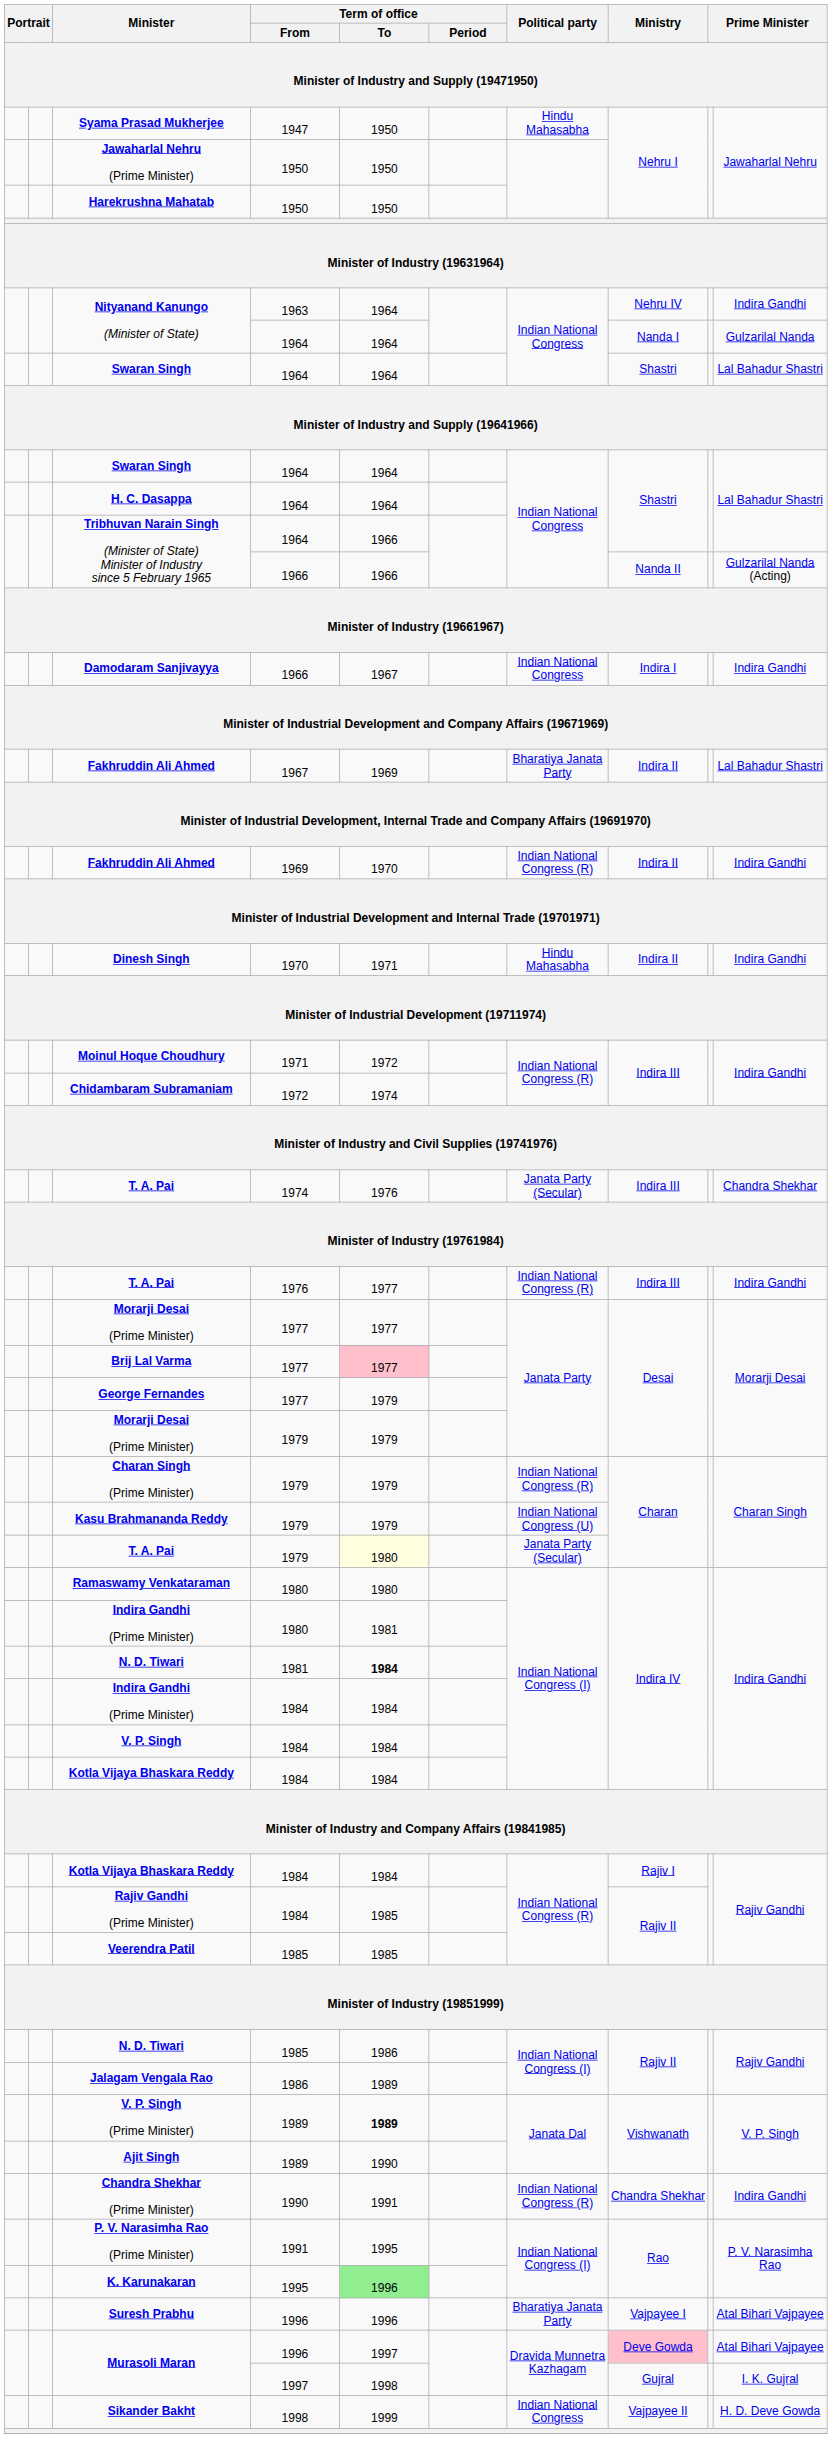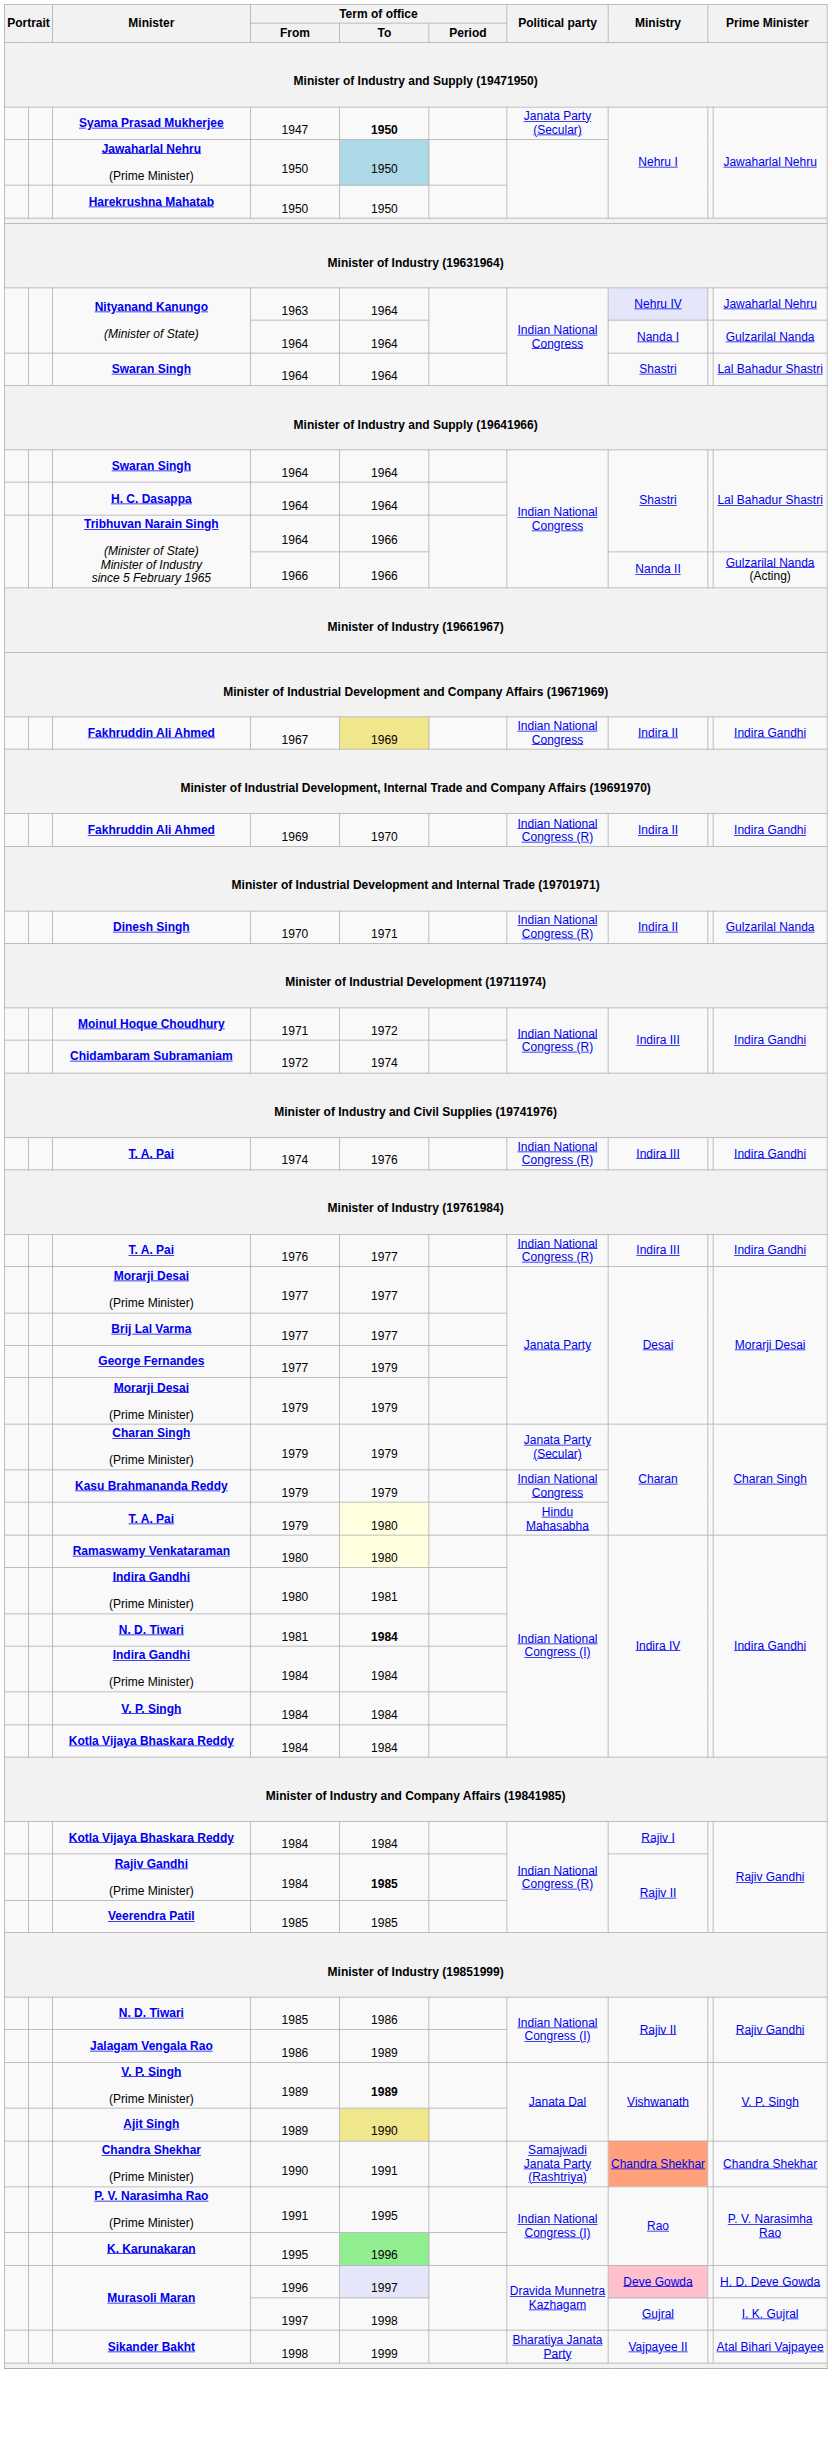 <table class="wikitable" style="text-align:center">
 <tr>
 <th rowspan="2" colspan="2">Portrait</th>
 <th rowspan="2" style="width:16em">Minister<br></th>
 <th colspan="3">Term of office</th>
 <th rowspan="2" style="width:8em">Political party</th>
 <th rowspan="2">Ministry</th>
 <th rowspan="2" colspan="2">Prime Minister</th>
 </tr>
 <tr>
 <th style="width:7em">From</th>
 <th style="width:7em">To</th>
 <th style="width:6em">Period</th>
 </tr>
 <tr>
 <th colspan="10"><br><h4>Minister of Industry and Supply (19471950)</h4></th>
 </tr>
 <tr>
 <td></td>
 <td></td>
 <td><strong><a href='#'>Syama Prasad Mukherjee</a></strong><br></td>
 <td><br>1947</td>
-<td><br>1950</td>
+<td><strong><br>1950</strong></td>
 <td><strong></strong></td>
-<td><a href='#'>Hindu Mahasabha</a></td>
+<td><a href='#'>Janata Party (Secular)</a></td>
 <td rowspan="3"><a href='#'>Nehru I</a></td>
 <td rowspan="3"></td>
 <td rowspan="3" style="width:9em"><a href='#'>Jawaharlal Nehru</a></td>
 </tr>
 <tr>
 <td></td>
 <td></td>
 <td><strong><a href='#'>Jawaharlal Nehru</a></strong><br><br>(Prime Minister)</td>
 <td><br>1950</td>
-<td><br>1950</td>
+<td style="background: lightblue;"><br>1950</td>
 <td><strong></strong></td>
 </tr>
 <tr>
 <td></td>
 <td></td>
 <td><strong><a href='#'>Harekrushna Mahatab</a></strong><br></td>
 <td><br>1950</td>
 <td><br>1950</td>
 <td><strong></strong></td>
 </tr>
 <tr>
 <th colspan="10"></th>
 </tr>
 <tr>
 <th colspan="10"><br><h4>Minister of Industry (19631964)</h4></th>
 </tr>
 <tr>
 <td rowspan="2"></td>
 <td rowspan="2"></td>
 <td rowspan="2"><strong><a href='#'>Nityanand Kanungo</a></strong><br><br><em>(Minister of State)</em></td>
 <td><br>1963</td>
 <td><br>1964</td>
 <td rowspan="2"><strong></strong></td>
 <td rowspan="3"><a href='#'>Indian National Congress</a></td>
-<td><a href='#'>Nehru IV</a></td>
+<td style="background: lavender;"><a href='#'>Nehru IV</a></td>
 <td></td>
-<td><a href='#'>Indira Gandhi</a></td>
+<td><a href='#'>Jawaharlal Nehru</a></td>
 </tr>
 <tr>
 <td><br>1964</td>
 <td><br>1964</td>
 <td><a href='#'>Nanda I</a></td>
 <td></td>
 <td><a href='#'>Gulzarilal Nanda</a><br></td>
 </tr>
 <tr>
 <td></td>
 <td></td>
 <td><strong><a href='#'>Swaran Singh</a></strong><br></td>
 <td><br>1964</td>
 <td><br>1964</td>
 <td><strong></strong></td>
 <td><a href='#'>Shastri</a></td>
 <td></td>
 <td><a href='#'>Lal Bahadur Shastri</a></td>
 </tr>
 <tr>
 <th colspan="10"><br><h4>Minister of Industry and Supply (19641966)</h4></th>
 </tr>
 <tr>
 <td></td>
 <td></td>
 <td><strong><a href='#'>Swaran Singh</a></strong><br></td>
 <td><br>1964</td>
 <td><br>1964</td>
 <td><strong></strong></td>
 <td rowspan="4"><a href='#'>Indian National Congress</a></td>
 <td rowspan="3"><a href='#'>Shastri</a></td>
 <td rowspan="3"></td>
 <td rowspan="3"><a href='#'>Lal Bahadur Shastri</a></td>
 </tr>
 <tr>
 <td></td>
 <td></td>
 <td><strong><a href='#'>H. C. Dasappa</a></strong><br></td>
 <td><br>1964</td>
 <td><br>1964</td>
 <td><strong></strong></td>
 </tr>
 <tr>
 <td rowspan="2"></td>
 <td rowspan="2"></td>
 <td rowspan="2"><strong><a href='#'>Tribhuvan Narain Singh</a></strong><br><br><em>(Minister of State)<br>Minister of Industry<br>since 5 February 1965</em></td>
 <td><br>1964</td>
 <td><br>1966</td>
 <td rowspan="2"><strong></strong></td>
 </tr>
 <tr>
 <td><br>1966</td>
 <td><br>1966</td>
 <td><a href='#'>Nanda II</a></td>
 <td></td>
 <td><a href='#'>Gulzarilal Nanda</a><br>(Acting)</td>
 </tr>
 <tr>
 <th colspan="10"><br><h4>Minister of Industry (19661967)</h4></th>
 </tr>
 <tr>
-<td></td>
-<td></td>
-<td><strong><a href='#'>Damodaram Sanjivayya</a></strong><br></td>
-<td><br>1966</td>
-<td><br>1967</td>
-<td><strong></strong></td>
-<td><a href='#'>Indian National Congress</a></td>
-<td><a href='#'>Indira I</a></td>
-<td></td>
-<td><a href='#'>Indira Gandhi</a></td>
-</tr>
-<tr>
 <th colspan="10"><br><h4>Minister of Industrial Development and Company Affairs (19671969)</h4></th>
 </tr>
 <tr>
 <td></td>
 <td></td>
 <td><strong><a href='#'>Fakhruddin Ali Ahmed</a></strong><br></td>
 <td><br>1967</td>
-<td><br>1969</td>
+<td style="background: khaki;"><br>1969</td>
 <td><strong></strong></td>
-<td><a href='#'>Bharatiya Janata Party</a></td>
+<td><a href='#'>Indian National Congress</a></td>
 <td><a href='#'>Indira II</a></td>
 <td></td>
-<td><a href='#'>Lal Bahadur Shastri</a></td>
+<td><a href='#'>Indira Gandhi</a></td>
 </tr>
 <tr>
 <th colspan="10"><br><h4>Minister of Industrial Development, Internal Trade and Company Affairs (19691970)</h4></th>
 </tr>
 <tr>
 <td></td>
 <td></td>
 <td><strong><a href='#'>Fakhruddin Ali Ahmed</a></strong><br></td>
 <td><br>1969</td>
 <td><br>1970</td>
 <td><strong></strong></td>
 <td><a href='#'>Indian National Congress (R)</a></td>
 <td><a href='#'>Indira II</a></td>
 <td></td>
 <td><a href='#'>Indira Gandhi</a></td>
 </tr>
 <tr>
 <th colspan="10"><br><h4>Minister of Industrial Development and Internal Trade (19701971)</h4></th>
 </tr>
 <tr>
 <td></td>
 <td></td>
 <td><strong><a href='#'>Dinesh Singh</a></strong><br></td>
 <td><br>1970</td>
 <td><br>1971</td>
 <td><strong></strong></td>
-<td><a href='#'>Hindu Mahasabha</a></td>
+<td><a href='#'>Indian National Congress (R)</a></td>
 <td><a href='#'>Indira II</a></td>
 <td></td>
-<td><a href='#'>Indira Gandhi</a></td>
+<td><a href='#'>Gulzarilal Nanda</a><br></td>
 </tr>
 <tr>
 <th colspan="10"><br><h4>Minister of Industrial Development (19711974)</h4></th>
 </tr>
 <tr>
 <td></td>
 <td></td>
 <td><strong><a href='#'>Moinul Hoque Choudhury</a></strong><br></td>
 <td><br>1971</td>
 <td><br>1972</td>
 <td><strong></strong></td>
 <td rowspan="2"><a href='#'>Indian National Congress (R)</a></td>
 <td rowspan="2"><a href='#'>Indira III</a></td>
 <td rowspan="2"></td>
 <td rowspan="2"><a href='#'>Indira Gandhi</a></td>
 </tr>
 <tr>
 <td></td>
 <td></td>
 <td><strong><a href='#'>Chidambaram Subramaniam</a></strong><br></td>
 <td><br>1972</td>
 <td><br>1974</td>
 <td><strong></strong></td>
 </tr>
 <tr>
 <th colspan="10"><br><h4>Minister of Industry and Civil Supplies (19741976)</h4></th>
 </tr>
 <tr>
 <td></td>
 <td></td>
 <td><strong><a href='#'>T. A. Pai</a></strong><br></td>
 <td><br>1974</td>
 <td><br>1976</td>
 <td><strong></strong></td>
-<td><a href='#'>Janata Party (Secular)</a></td>
+<td><a href='#'>Indian National Congress (R)</a></td>
 <td><a href='#'>Indira III</a></td>
 <td></td>
-<td><a href='#'>Chandra Shekhar</a></td>
+<td><a href='#'>Indira Gandhi</a></td>
 </tr>
 <tr>
 <th colspan="10"><br><h4>Minister of Industry (19761984)</h4></th>
 </tr>
 <tr>
 <td></td>
 <td></td>
 <td><strong><a href='#'>T. A. Pai</a></strong><br></td>
 <td><br>1976</td>
 <td><br>1977</td>
 <td><strong></strong></td>
 <td><a href='#'>Indian National Congress (R)</a></td>
 <td><a href='#'>Indira III</a></td>
 <td></td>
 <td><a href='#'>Indira Gandhi</a></td>
 </tr>
 <tr>
 <td></td>
 <td></td>
 <td><strong><a href='#'>Morarji Desai</a></strong><br><br>(Prime Minister)</td>
 <td><br>1977</td>
 <td><br>1977</td>
 <td><strong></strong></td>
 <td rowspan="4"><a href='#'>Janata Party</a></td>
 <td rowspan="4"><a href='#'>Desai</a></td>
 <td rowspan="4"></td>
 <td rowspan="4"><a href='#'>Morarji Desai</a></td>
 </tr>
 <tr>
 <td></td>
 <td></td>
 <td><strong><a href='#'>Brij Lal Varma</a></strong><br></td>
 <td><br>1977</td>
-<td style="background: pink;"><br>1977</td>
+<td><br>1977</td>
 <td><strong></strong></td>
 </tr>
 <tr>
 <td></td>
 <td></td>
 <td><strong><a href='#'>George Fernandes</a></strong><br></td>
 <td><br>1977</td>
 <td><br>1979</td>
 <td><strong></strong></td>
 </tr>
 <tr>
 <td></td>
 <td></td>
 <td><strong><a href='#'>Morarji Desai</a></strong><br><br>(Prime Minister)</td>
 <td><br>1979</td>
 <td><br>1979</td>
 <td><strong></strong></td>
 </tr>
 <tr>
 <td style="background:"></td>
 <td></td>
 <td><strong><a href='#'>Charan Singh</a></strong><br><br>(Prime Minister)</td>
 <td><br>1979</td>
 <td><br>1979</td>
 <td><strong></strong></td>
-<td><a href='#'>Indian National Congress (R)</a></td>
+<td><a href='#'>Janata Party (Secular)</a></td>
 <td rowspan="3"><a href='#'>Charan</a></td>
 <td rowspan="3" style="background:"></td>
 <td rowspan="3"><a href='#'>Charan Singh</a></td>
 </tr>
 <tr>
 <td style="background:"></td>
 <td></td>
 <td><strong><a href='#'>Kasu Brahmananda Reddy</a></strong><br></td>
 <td><br>1979</td>
 <td><br>1979</td>
 <td><strong></strong></td>
-<td><a href='#'>Indian National Congress (U)</a></td>
+<td><a href='#'>Indian National Congress</a></td>
 </tr>
 <tr>
 <td style="background:"></td>
 <td></td>
 <td><strong><a href='#'>T. A. Pai</a></strong><br></td>
 <td><br>1979</td>
 <td style="background: lightyellow;"><br>1980</td>
 <td><strong></strong></td>
-<td><a href='#'>Janata Party (Secular)</a></td>
+<td><a href='#'>Hindu Mahasabha</a></td>
 </tr>
 <tr>
 <td></td>
 <td></td>
 <td><strong><a href='#'>Ramaswamy Venkataraman</a></strong><br></td>
 <td><br>1980</td>
-<td><br>1980</td>
+<td style="background: lightyellow;"><br>1980</td>
 <td><strong></strong></td>
 <td rowspan="6"><a href='#'>Indian National Congress (I)</a></td>
 <td rowspan="6"><a href='#'>Indira IV</a></td>
 <td rowspan="6"></td>
 <td rowspan="6"><a href='#'>Indira Gandhi</a></td>
 </tr>
 <tr>
 <td></td>
 <td></td>
 <td><strong><a href='#'>Indira Gandhi</a></strong><br><br>(Prime Minister)</td>
 <td><br>1980</td>
 <td><br>1981</td>
 <td><strong></strong></td>
 </tr>
 <tr>
 <td></td>
 <td></td>
 <td><strong><a href='#'>N. D. Tiwari</a></strong><br></td>
 <td><br>1981</td>
 <td><strong><br>1984</strong></td>
 <td><strong></strong></td>
 </tr>
 <tr>
 <td></td>
 <td></td>
 <td><strong><a href='#'>Indira Gandhi</a></strong><br><br>(Prime Minister)</td>
 <td><br>1984</td>
 <td><br>1984</td>
 <td><strong></strong></td>
 </tr>
 <tr>
 <td></td>
 <td></td>
 <td><strong><a href='#'>V. P. Singh</a></strong><br></td>
 <td><br>1984</td>
 <td><br>1984</td>
 <td><strong></strong></td>
 </tr>
 <tr>
 <td></td>
 <td></td>
 <td><strong><a href='#'>Kotla Vijaya Bhaskara Reddy</a></strong><br></td>
 <td><br>1984</td>
 <td><br>1984</td>
 <td><strong></strong></td>
 </tr>
 <tr>
 <th colspan="10"><br><h4>Minister of Industry and Company Affairs (19841985)</h4></th>
 </tr>
 <tr>
 <td></td>
 <td></td>
 <td><strong><a href='#'>Kotla Vijaya Bhaskara Reddy</a></strong><br></td>
 <td><br>1984</td>
 <td><br>1984</td>
 <td><strong></strong></td>
 <td rowspan="3"><a href='#'>Indian National Congress (R)</a></td>
 <td><a href='#'>Rajiv I</a></td>
 <td rowspan="3"></td>
 <td rowspan="3"><a href='#'>Rajiv Gandhi</a></td>
 </tr>
 <tr>
 <td></td>
 <td></td>
 <td><strong><a href='#'>Rajiv Gandhi</a></strong><br><br>(Prime Minister)</td>
 <td><br>1984</td>
-<td><br>1985</td>
+<td><strong><br>1985</strong></td>
 <td><strong></strong></td>
 <td rowspan="2"><a href='#'>Rajiv II</a></td>
 </tr>
 <tr>
 <td></td>
 <td></td>
 <td><strong><a href='#'>Veerendra Patil</a></strong><br></td>
 <td><br>1985</td>
 <td><br>1985</td>
 <td><strong></strong></td>
 </tr>
 <tr>
 <th colspan="10"><br><h4>Minister of Industry (19851999)</h4></th>
 </tr>
 <tr>
 <td></td>
 <td></td>
 <td><strong><a href='#'>N. D. Tiwari</a></strong><br></td>
 <td><br>1985</td>
 <td><br>1986</td>
 <td><strong></strong></td>
 <td rowspan="2"><a href='#'>Indian National Congress (I)</a></td>
 <td rowspan="2"><a href='#'>Rajiv II</a></td>
 <td rowspan="2"></td>
 <td rowspan="2"><a href='#'>Rajiv Gandhi</a></td>
 </tr>
 <tr>
 <td></td>
 <td></td>
 <td><strong><a href='#'>Jalagam Vengala Rao</a></strong><br></td>
 <td><br>1986</td>
 <td><br>1989</td>
 <td><strong></strong></td>
 </tr>
 <tr>
 <td style="background:"></td>
 <td></td>
 <td><strong><a href='#'>V. P. Singh</a></strong><br><br>(Prime Minister)</td>
 <td><br>1989</td>
 <td><strong><br>1989</strong></td>
 <td><strong></strong></td>
 <td rowspan="2"><a href='#'>Janata Dal</a></td>
 <td rowspan="2"><a href='#'>Vishwanath</a></td>
 <td rowspan="2" style="background:"></td>
 <td rowspan="2"><a href='#'>V. P. Singh</a></td>
 </tr>
 <tr>
 <td></td>
 <td></td>
 <td><strong><a href='#'>Ajit Singh</a></strong><br></td>
 <td><br>1989</td>
-<td><br>1990</td>
+<td style="background: khaki;"><br>1990</td>
 <td><strong></strong></td>
 </tr>
 <tr>
 <td></td>
 <td></td>
 <td><strong><a href='#'>Chandra Shekhar</a></strong><br><br>(Prime Minister)</td>
 <td><br>1990</td>
 <td><br>1991</td>
 <td><strong></strong></td>
-<td><a href='#'>Indian National Congress (R)</a></td>
+<td><a href='#'>Samajwadi Janata Party (Rashtriya)</a></td>
+<td style="background: lightsalmon;"><a href='#'>Chandra Shekhar</a></td>
+<td></td>
 <td><a href='#'>Chandra Shekhar</a></td>
-<td></td>
-<td><a href='#'>Indira Gandhi</a></td>
 </tr>
 <tr>
 <td></td>
 <td></td>
 <td><strong><a href='#'>P. V. Narasimha Rao</a></strong><br><br>(Prime Minister)</td>
 <td><br>1991</td>
 <td><br>1995</td>
 <td><strong></strong></td>
 <td rowspan="2"><a href='#'>Indian National Congress (I)</a></td>
 <td rowspan="2"><a href='#'>Rao</a></td>
 <td rowspan="2"></td>
 <td rowspan="2"><a href='#'>P. V. Narasimha Rao</a></td>
 </tr>
 <tr>
 <td></td>
 <td></td>
 <td><strong><a href='#'>K. Karunakaran</a></strong><br></td>
 <td><br>1995</td>
 <td style="background: lightgreen;"><br>1996</td>
 <td><strong></strong></td>
 </tr>
 <tr>
-<td></td>
-<td></td>
-<td><strong><a href='#'>Suresh Prabhu</a></strong><br></td>
-<td><br>1996</td>
-<td><br>1996</td>
-<td><strong></strong></td>
-<td><a href='#'>Bharatiya Janata Party</a></td>
-<td><a href='#'>Vajpayee I</a></td>
-<td></td>
-<td><a href='#'>Atal Bihari Vajpayee</a></td>
-</tr>
-<tr>
 <td rowspan="2"></td>
 <td rowspan="2"></td>
 <td rowspan="2"><strong><a href='#'>Murasoli Maran</a></strong><br></td>
 <td><br>1996</td>
-<td><br>1997</td>
+<td style="background: lavender;"><br>1997</td>
 <td rowspan="2"><strong></strong></td>
 <td rowspan="2"><a href='#'>Dravida Munnetra Kazhagam</a></td>
 <td style="background: pink;"><a href='#'>Deve Gowda</a></td>
 <td></td>
-<td><a href='#'>Atal Bihari Vajpayee</a></td>
+<td><a href='#'>H. D. Deve Gowda</a></td>
 </tr>
 <tr>
 <td><br>1997</td>
 <td><br>1998</td>
 <td><a href='#'>Gujral</a></td>
 <td></td>
 <td><a href='#'>I. K. Gujral</a></td>
 </tr>
 <tr>
 <td></td>
 <td></td>
 <td><strong><a href='#'>Sikander Bakht</a></strong><br></td>
 <td><br>1998</td>
 <td><br>1999</td>
 <td><strong></strong></td>
-<td><a href='#'>Indian National Congress</a></td>
+<td><a href='#'>Bharatiya Janata Party</a></td>
 <td><a href='#'>Vajpayee II</a></td>
 <td></td>
-<td><a href='#'>H. D. Deve Gowda</a></td>
+<td><a href='#'>Atal Bihari Vajpayee</a></td>
 </tr>
 <tr>
 <th colspan="10"></th>
 </tr>
 <tr>
 </tr>
 </table>
